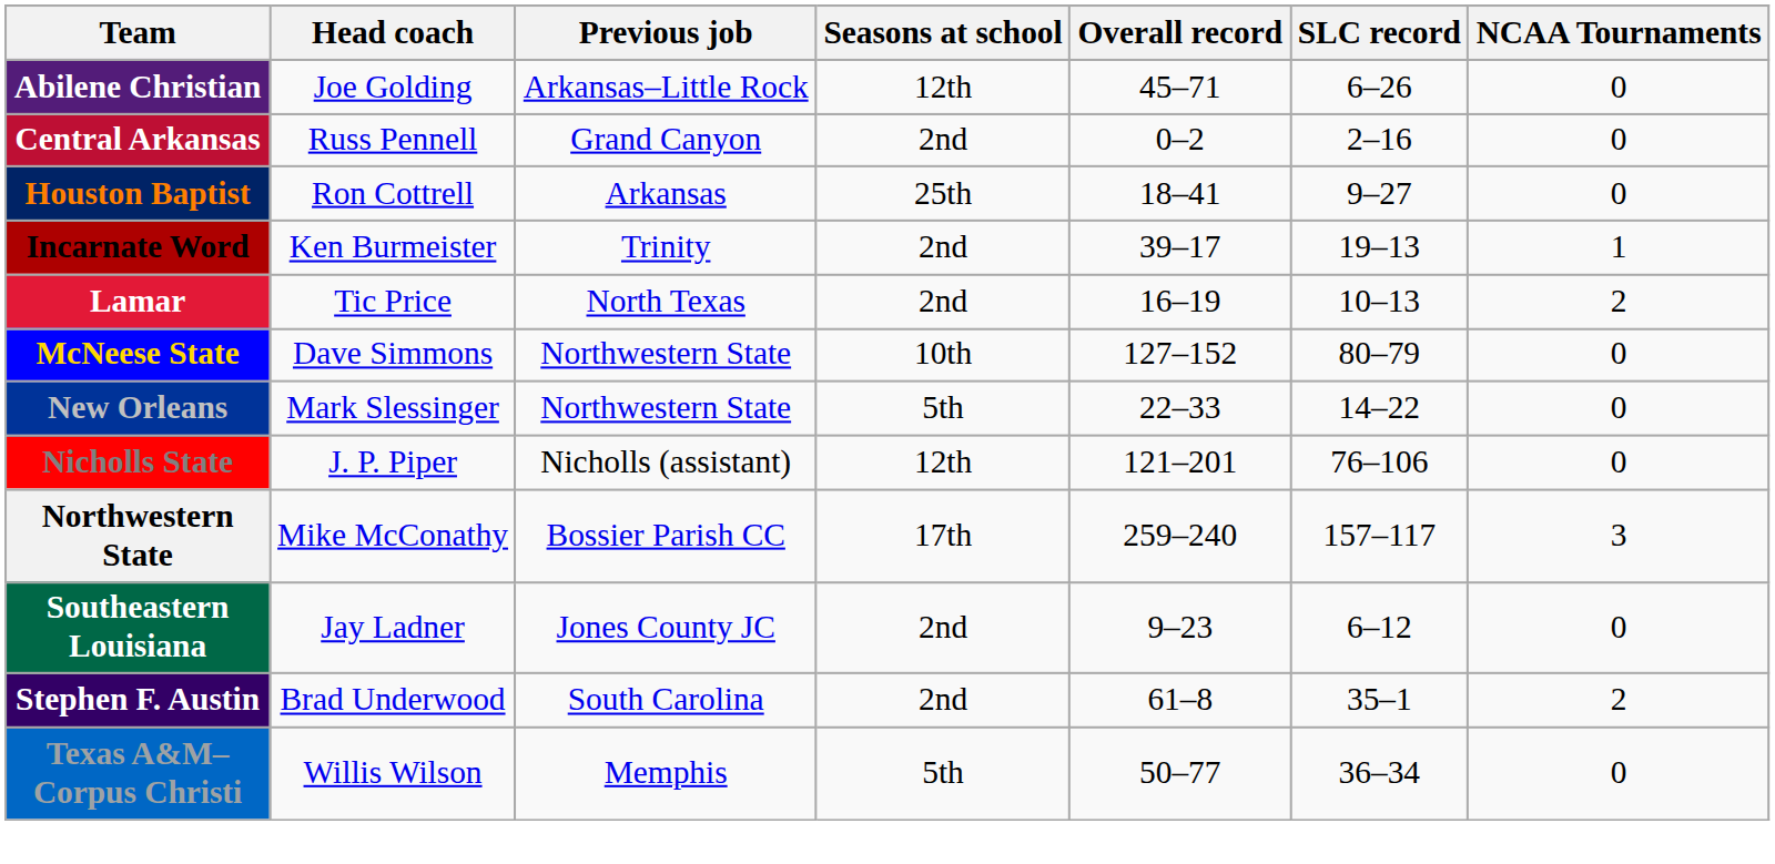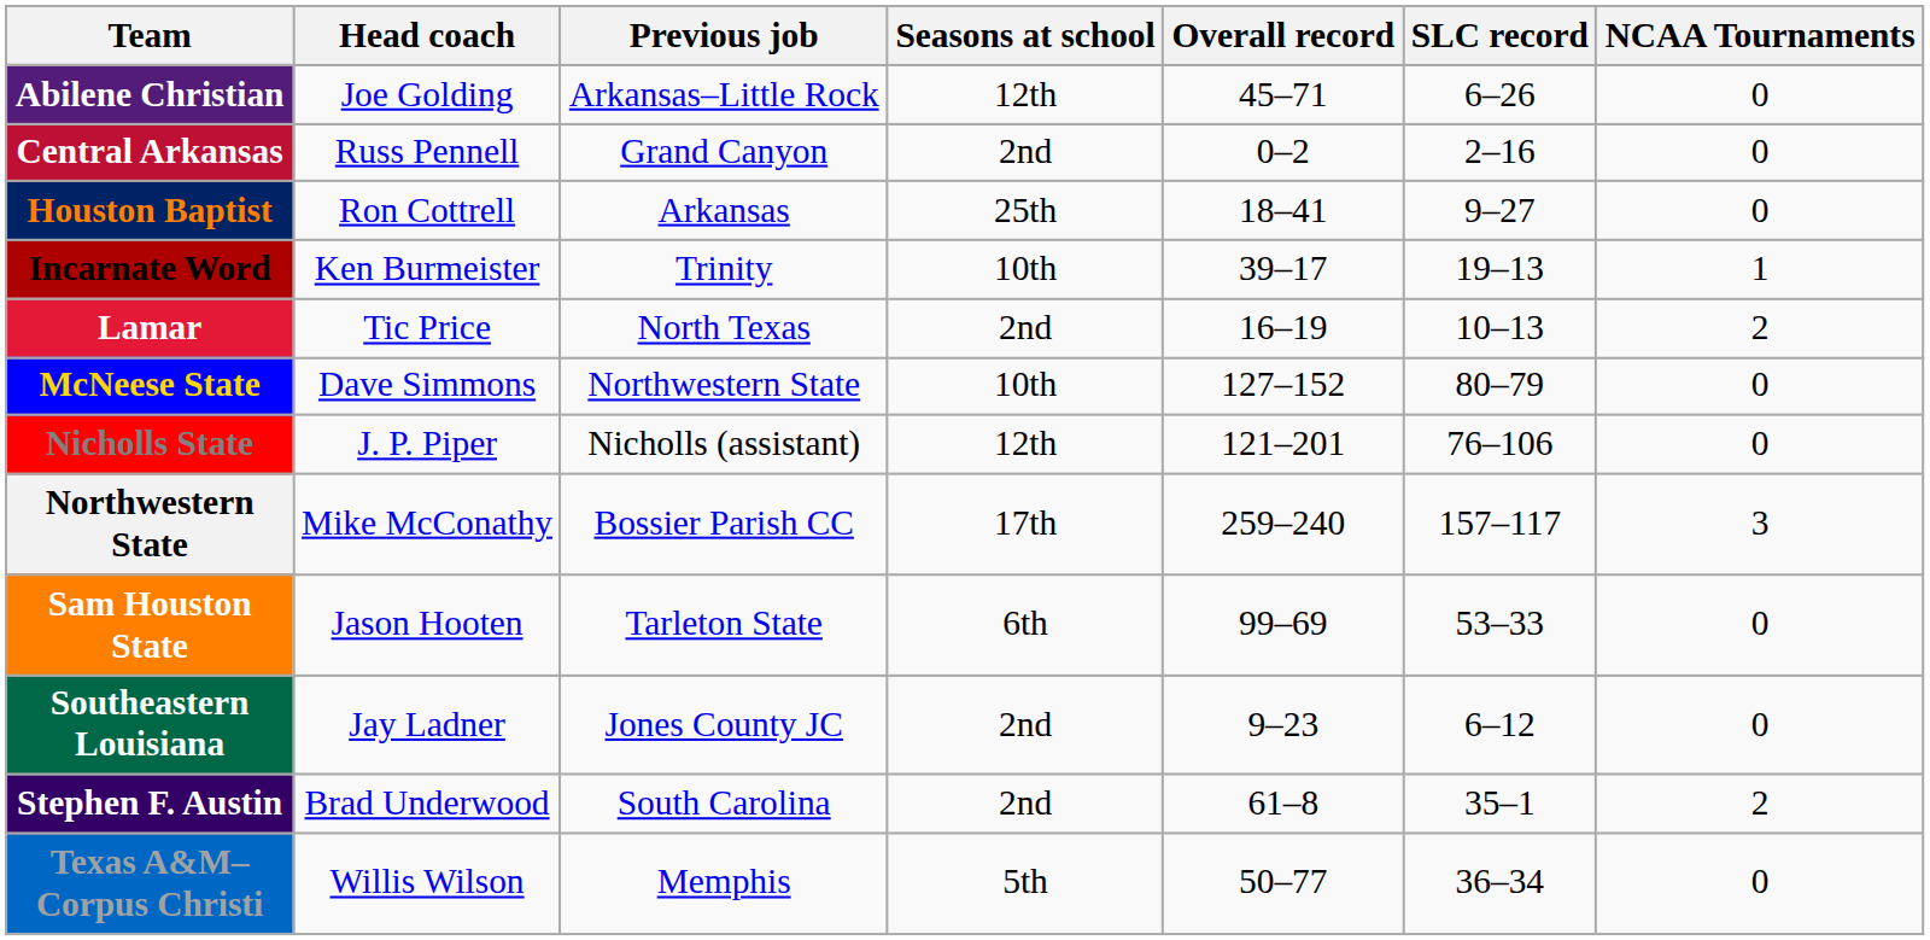 <table class="wikitable sortable" style="text-align: center;font-size:90%;">
 <tr>
 <th width="110">Team</th>
 <th>Head coach</th>
 <th>Previous job</th>
 <th>Seasons at school</th>
 <th>Overall record</th>
 <th>SLC record</th>
 <th>NCAA Tournaments</th>
 </tr>
 <tr>
 <th style="background:#531C79; color:#FFFFFF;">Abilene Christian</th>
 <td><a href='#'>Joe Golding</a></td>
 <td><a href='#'>Arkansas–Little Rock</a></td>
 <td>12th</td>
 <td>45–71</td>
 <td>6–26</td>
 <td>0</td>
 </tr>
 <tr>
 <th style="background:#BE0F34; color:#FFFFFF;">Central Arkansas</th>
 <td><a href='#'>Russ Pennell</a></td>
 <td><a href='#'>Grand Canyon</a></td>
 <td>2nd</td>
 <td>0–2</td>
 <td>2–16</td>
 <td>0</td>
 </tr>
 <tr>
 <th style="background:#002366; color:#FF7F00;">Houston Baptist</th>
 <td><a href='#'>Ron Cottrell</a></td>
 <td><a href='#'>Arkansas</a></td>
 <td>25th</td>
 <td>18–41</td>
 <td>9–27</td>
 <td>0</td>
 </tr>
 <tr>
 <th style="background:#AD0000; color:#000000;">Incarnate Word</th>
 <td><a href='#'>Ken Burmeister</a></td>
 <td><a href='#'>Trinity</a></td>
-<td>2nd</td>
+<td>10th</td>
 <td>39–17</td>
 <td>19–13</td>
 <td>1</td>
 </tr>
 <tr>
 <th style="background:#E31937; color:#FFFFFF;">Lamar</th>
 <td><a href='#'>Tic Price</a></td>
 <td><a href='#'>North Texas</a></td>
 <td>2nd</td>
 <td>16–19</td>
 <td>10–13</td>
 <td>2</td>
 </tr>
 <tr>
 <th style="background:#0000FF; color:#FFD700;">McNeese State</th>
 <td><a href='#'>Dave Simmons</a></td>
 <td><a href='#'>Northwestern State</a></td>
 <td>10th</td>
 <td>127–152</td>
 <td>80–79</td>
 <td>0</td>
 </tr>
 <tr>
-<th style="background:#003399; color:#C0C0C0;">New Orleans</th>
-<td><a href='#'>Mark Slessinger</a></td>
-<td><a href='#'>Northwestern State</a></td>
-<td>5th</td>
-<td>22–33</td>
-<td>14–22</td>
-<td>0</td>
-</tr>
-<tr>
 <th style="background:#FF0000; color:#808080;">Nicholls State</th>
 <td><a href='#'>J. P. Piper</a></td>
 <td>Nicholls (assistant)</td>
 <td>12th</td>
 <td>121–201</td>
 <td>76–106</td>
 <td>0</td>
 </tr>
 <tr>
 <th style="background:#">Northwestern State</th>
 <td><a href='#'>Mike McConathy</a></td>
 <td><a href='#'>Bossier Parish CC</a></td>
 <td>17th</td>
 <td>259–240</td>
 <td>157–117</td>
 <td>3</td>
+</tr>
+<tr>
+<th style="background:#FF7F00; color:#FFFFFF;">Sam Houston State</th>
+<td><a href='#'>Jason Hooten</a></td>
+<td><a href='#'>Tarleton State</a></td>
+<td>6th</td>
+<td>99–69</td>
+<td>53–33</td>
+<td>0</td>
 </tr>
 <tr>
 <th style="background:#006847; color:white;">Southeastern Louisiana</th>
 <td><a href='#'>Jay Ladner</a></td>
 <td><a href='#'>Jones County JC</a></td>
 <td>2nd</td>
 <td>9–23</td>
 <td>6–12</td>
 <td>0</td>
 </tr>
 <tr>
 <th style="background:#330066; color:#FFFFFF;">Stephen F. Austin</th>
 <td><a href='#'>Brad Underwood</a></td>
 <td><a href='#'>South Carolina</a></td>
 <td>2nd</td>
 <td>61–8</td>
 <td>35–1</td>
 <td>2</td>
 </tr>
 <tr>
 <th style="background:#0067C5; color:#9EA2A4;">Texas A&M–Corpus Christi</th>
 <td><a href='#'>Willis Wilson</a></td>
 <td><a href='#'>Memphis</a></td>
 <td>5th</td>
 <td>50–77</td>
 <td>36–34</td>
 <td>0</td>
 </tr>
 </table>
